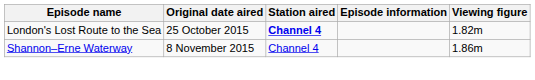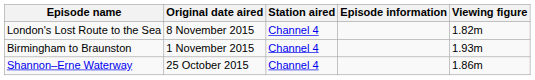 <table class="wikitable sortable">
 <tr>
 <th>Episode name</th>
 <th>Original date aired</th>
 <th>Station aired</th>
 <th>Episode information</th>
 <th>Viewing figure</th>
 </tr>
 <tr>
 <td>London's Lost Route to the Sea</td>
-<td>25 October 2015</td>
-<td><strong><a href='#'>Channel 4</a></strong></td>
+<td>8 November 2015</td>
+<td><a href='#'>Channel 4</a></td>
 <td></td>
 <td>1.82m</td>
 </tr>
 <tr>
+<td>Birmingham to Braunston</td>
+<td>1 November 2015</td>
+<td><a href='#'>Channel 4</a></td>
+<td></td>
+<td>1.93m</td>
+</tr>
+<tr>
 <td><a href='#'>Shannon–Erne Waterway</a></td>
-<td>8 November 2015</td>
+<td>25 October 2015</td>
 <td><a href='#'>Channel 4</a></td>
 <td></td>
 <td>1.86m</td>
 </tr>
 </table>
